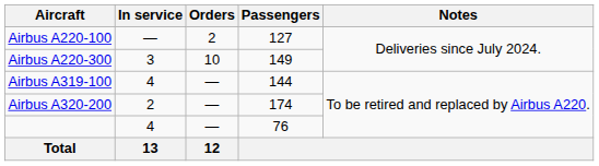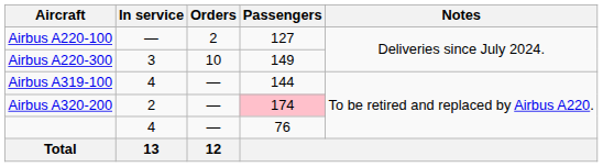 <table class="wikitable" style="margin:0.5em auto; text-align:center">
 <tr>
 <th>Aircraft</th>
 <th>In service</th>
 <th>Orders</th>
 <th>Passengers</th>
 <th>Notes</th>
 </tr>
 <tr>
 <td><a href='#'>Airbus A220-100</a></td>
 <td>—</td>
 <td>2</td>
 <td>127</td>
 <td rowspan="2">Deliveries since July 2024.</td>
 </tr>
 <tr>
 <td><a href='#'>Airbus A220-300</a></td>
 <td>3</td>
 <td>10</td>
 <td>149</td>
 </tr>
 <tr>
 <td><a href='#'>Airbus A319-100</a></td>
 <td>4</td>
 <td>—</td>
 <td>144</td>
 <td rowspan="3">To be retired and replaced by <a href='#'>Airbus A220</a>.</td>
 </tr>
 <tr>
 <td><a href='#'>Airbus A320-200</a></td>
 <td>2</td>
 <td>—</td>
-<td>174</td>
+<td style="background: pink;">174</td>
 </tr>
 <tr>
 <td></td>
 <td>4</td>
 <td>—</td>
 <td>76</td>
 </tr>
 <tr>
 <th>Total</th>
 <th>13</th>
 <th>12</th>
 <th colspan="2"></th>
 </tr>
 </table>
